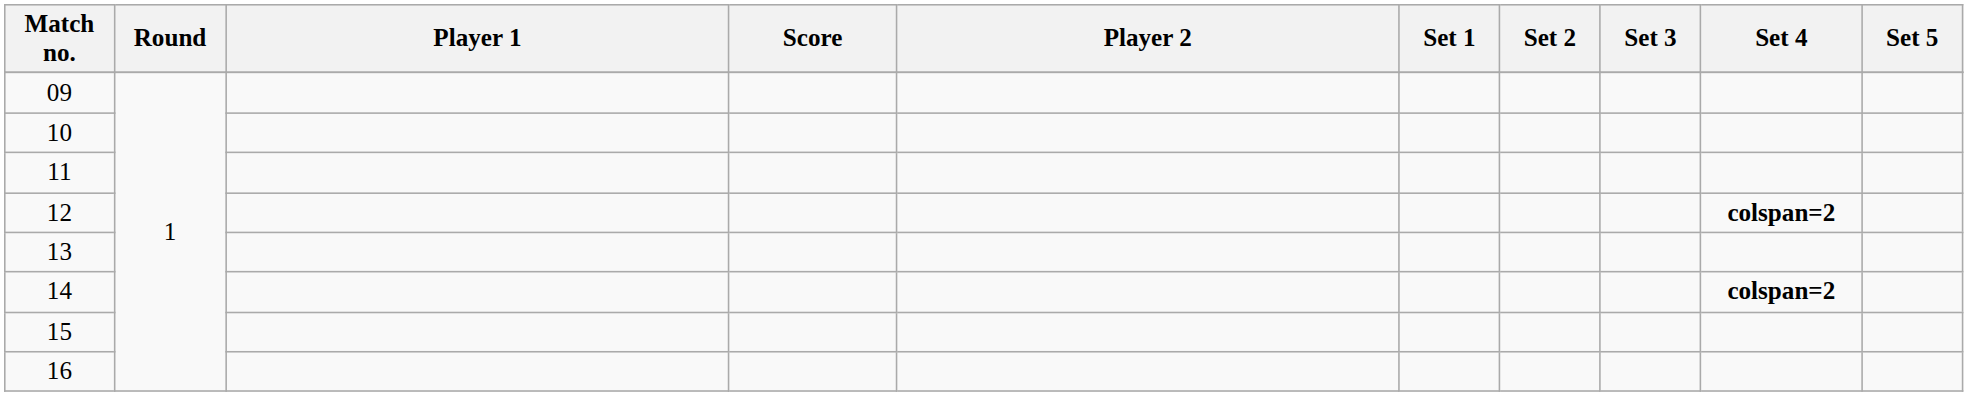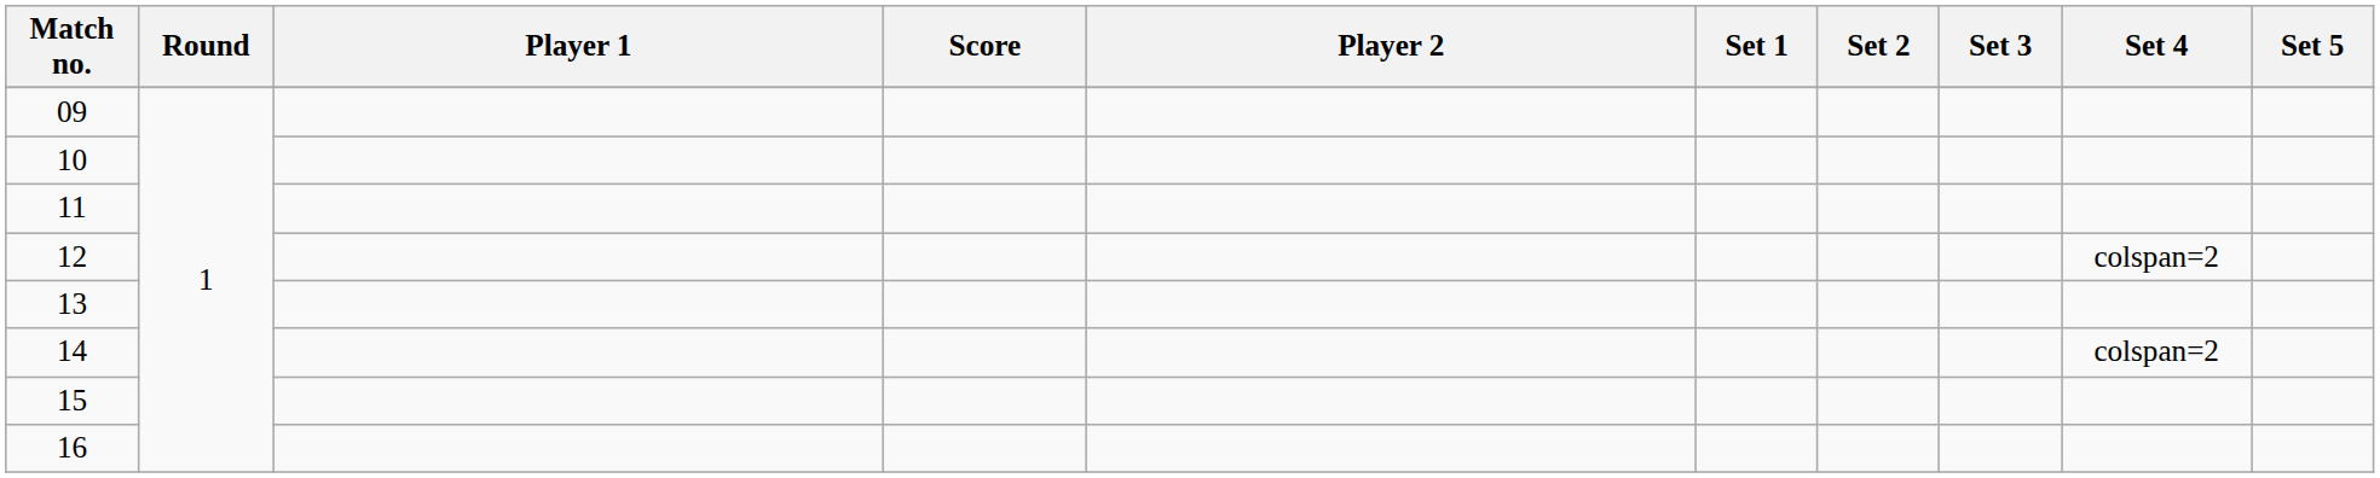 <table class="wikitable" style="text-align: center;">
 <tr>
 <th width="2%">Match no.</th>
 <th width="2%">Round</th>
 <th width="15%">Player 1</th>
 <th width="5%">Score</th>
 <th width="15%">Player 2</th>
 <th width="3%">Set 1</th>
 <th width="3%">Set 2</th>
 <th width="3%">Set 3</th>
 <th width="3%">Set 4</th>
 <th width="3%">Set 5</th>
 </tr>
 <tr>
 </tr>
 <tr style=text-align:center;>
 <td>09</td>
 <td rowspan=8>1</td>
 <td></td>
 <td></td>
 <td></td>
 <td></td>
 <td></td>
 <td></td>
 <td></td>
 <td></td>
 </tr>
 <tr style=text-align:center;>
 <td>10</td>
 <td></td>
 <td></td>
 <td></td>
 <td></td>
 <td></td>
 <td></td>
 <td></td>
 <td></td>
 </tr>
 <tr style=text-align:center;>
 <td>11</td>
 <td></td>
 <td></td>
 <td></td>
 <td></td>
 <td></td>
 <td></td>
 <td></td>
 <td></td>
 </tr>
 <tr style=text-align:center;>
 <td>12</td>
 <td></td>
 <td></td>
 <td></td>
 <td></td>
 <td></td>
 <td></td>
-<td><strong>colspan=2</strong></td>
+<td>colspan=2</td>
 </tr>
 <tr style=text-align:center;>
 <td>13</td>
 <td></td>
 <td></td>
 <td></td>
 <td></td>
 <td></td>
 <td></td>
 <td></td>
 <td></td>
 </tr>
 <tr style=text-align:center;>
 <td>14</td>
 <td></td>
 <td></td>
 <td></td>
 <td></td>
 <td></td>
 <td></td>
-<td><strong>colspan=2</strong></td>
+<td>colspan=2</td>
 </tr>
 <tr style=text-align:center;>
 <td>15</td>
 <td></td>
 <td></td>
 <td></td>
 <td></td>
 <td></td>
 <td></td>
 <td></td>
 <td></td>
 </tr>
 <tr style=text-align:center;>
 <td>16</td>
 <td></td>
 <td></td>
 <td></td>
 <td></td>
 <td></td>
 <td></td>
 <td></td>
 <td></td>
 </tr>
 </table>
